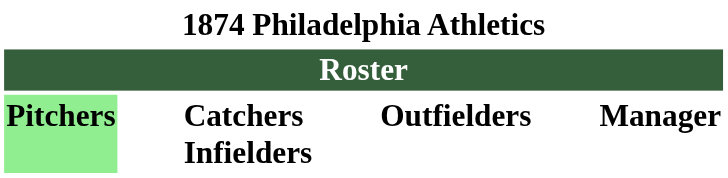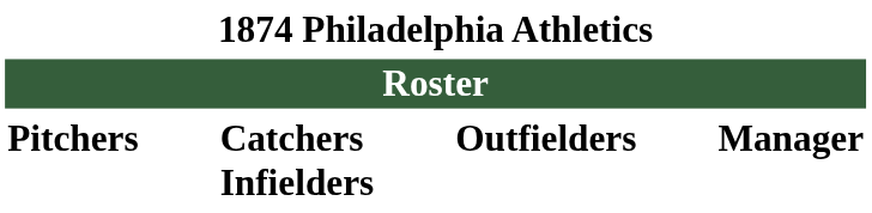 <table class="toccolours" style="font-size: 95%;">
 <tr>
 <th colspan="10" style="background-color: white; text-align: center;">1874 Philadelphia Athletics</th>
 </tr>
 <tr>
 <td colspan="10" style="background-color: #355E3B; color: white; text-align: center;"><strong>Roster</strong></td>
 </tr>
 <tr>
-<td valign="top" style="background: lightgreen;"><strong>Pitchers</strong><br></td>
+<td valign="top"><strong>Pitchers</strong><br></td>
 <td width="25px"></td>
 <td valign="top"><strong>Catchers</strong><br>  <strong>Infielders</strong>     </td>
 <td width="25px"></td>
 <td valign="top"><strong>Outfielders</strong><br>    </td>
 <td width="25px"></td>
 <td valign="top"><strong>Manager</strong><br></td>
 </tr>
 <tr>
 </tr>
 </table>
